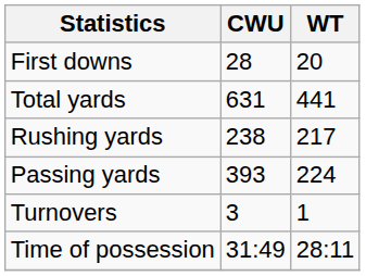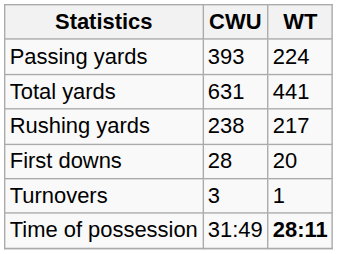 <table class="wikitable">
 <tr>
 <th>Statistics</th>
 <th>CWU</th>
 <th>WT</th>
 </tr>
 <tr>
-<td>First downs</td>
-<td>28</td>
-<td>20</td>
+<td>Passing yards</td>
+<td>393</td>
+<td>224</td>
 </tr>
 <tr>
 <td>Total yards</td>
 <td>631</td>
 <td>441</td>
 </tr>
 <tr>
 <td>Rushing yards</td>
 <td>238</td>
 <td>217</td>
 </tr>
 <tr>
-<td>Passing yards</td>
-<td>393</td>
-<td>224</td>
+<td>First downs</td>
+<td>28</td>
+<td>20</td>
 </tr>
 <tr>
 <td>Turnovers</td>
 <td>3</td>
 <td>1</td>
 </tr>
 <tr>
 <td>Time of possession</td>
 <td>31:49</td>
-<td>28:11</td>
+<td><strong>28:11</strong></td>
 </tr>
 <tr>
 </tr>
 </table>
